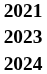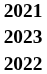 <table>
 <tr>
 <td><strong>2021</strong><br></td>
 </tr>
 <tr>
 <td><strong>2023</strong><br></td>
 </tr>
 <tr>
-<td><strong>2024</strong><br></td>
+<td><strong>2022</strong><br></td>
 </tr>
 </table>
